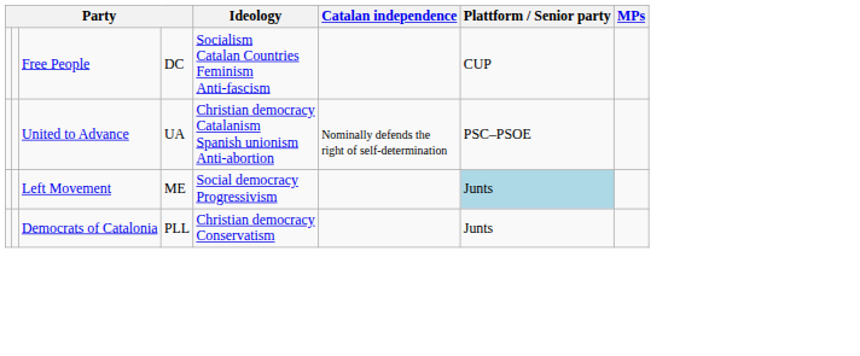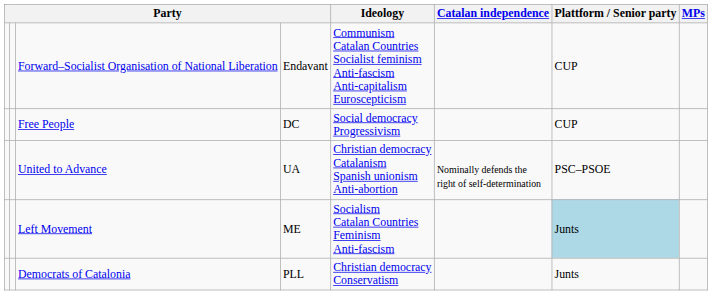 <table class="wikitable">
 <tr>
 <th colspan="4">Party</th>
 <th>Ideology</th>
 <th><a href='#'>Catalan independence</a></th>
 <th>Plattform / Senior party</th>
 <th><a href='#'>MPs</a></th>
 </tr>
 <tr>
 <td></td>
 <td align="center"></td>
+<td><a href='#'>Forward–Socialist Organisation of National Liberation</a><br></td>
+<td>Endavant</td>
+<td><a href='#'>Communism</a><br><a href='#'>Catalan Countries</a><br><a href='#'>Socialist feminism</a><br><a href='#'>Anti-fascism</a><br><a href='#'>Anti-capitalism</a><br><a href='#'>Euroscepticism</a></td>
+<td></td>
+<td>CUP</td>
+<td></td>
+</tr>
+<tr>
+<td></td>
+<td align="center"></td>
 <td><a href='#'>Free People</a><br></td>
 <td>DC</td>
-<td><a href='#'>Socialism</a><br><a href='#'>Catalan Countries</a><br><a href='#'>Feminism</a><br><a href='#'>Anti-fascism</a></td>
+<td><a href='#'>Social democracy</a><br><a href='#'>Progressivism</a></td>
 <td></td>
 <td>CUP</td>
 <td></td>
 </tr>
 <tr>
 <td></td>
 <td align="center"></td>
 <td><a href='#'>United to Advance</a><br></td>
 <td>UA</td>
 <td><a href='#'>Christian democracy</a><br><a href='#'>Catalanism</a><br><a href='#'>Spanish unionism</a><br><a href='#'>Anti-abortion</a></td>
 <td><br><small>Nominally defends the<br>right of self-determination</small></td>
 <td>PSC–PSOE</td>
 <td></td>
 </tr>
 <tr>
 <td></td>
 <td align="center"></td>
 <td><a href='#'>Left Movement</a><br></td>
 <td>ME</td>
-<td><a href='#'>Social democracy</a><br><a href='#'>Progressivism</a></td>
+<td><a href='#'>Socialism</a><br><a href='#'>Catalan Countries</a><br><a href='#'>Feminism</a><br><a href='#'>Anti-fascism</a></td>
 <td></td>
 <td style="background: lightblue;">Junts</td>
 <td></td>
 </tr>
 <tr>
 <td></td>
 <td align="center"></td>
 <td><a href='#'>Democrats of Catalonia</a><br></td>
 <td>PLL</td>
 <td><a href='#'>Christian democracy</a><br><a href='#'>Conservatism</a></td>
 <td></td>
 <td>Junts</td>
 <td></td>
 </tr>
 </table>
